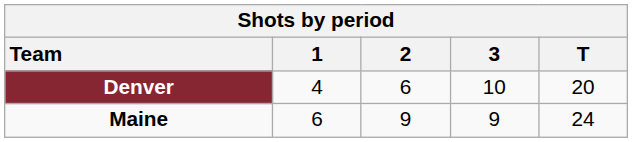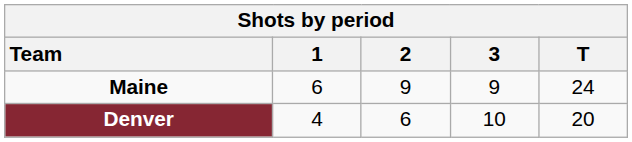 <table class="wikitable" style="width:30em; text-align:right;">
 <tr>
 <th colspan=5>Shots by period</th>
 </tr>
 <tr>
 <th style="width:10em; text-align:left;">Team</th>
 <th style="width:3em;">1</th>
 <th style="width:3em;">2</th>
 <th style="width:3em;">3</th>
 <th style="width:3em;">T</th>
 </tr>
 <tr>
+<td align=center><strong>Maine</strong></td>
+<td align=center>6</td>
+<td align=center>9</td>
+<td align=center>9</td>
+<td align=center>24</td>
+</tr>
+<tr>
 <td align=center style="color:white; background:#862633; "><strong>Denver</strong></td>
 <td align=center>4</td>
 <td align=center>6</td>
 <td align=center>10</td>
 <td align=center>20</td>
 </tr>
-<tr>
-<td align=center><strong>Maine</strong></td>
-<td align=center>6</td>
-<td align=center>9</td>
-<td align=center>9</td>
-<td align=center>24</td>
-</tr>
 </table>
